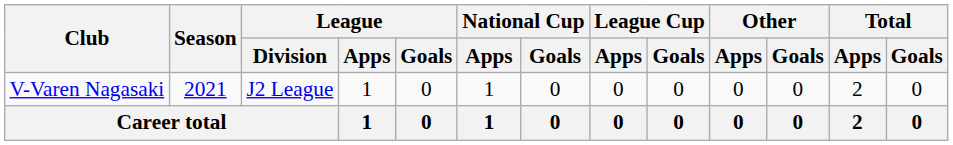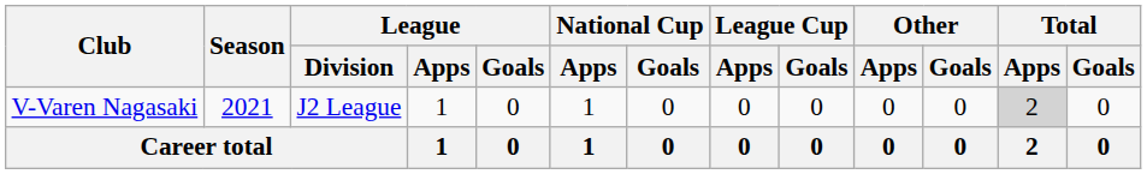 <table class="wikitable" style="text-align: center">
 <tr>
 <th rowspan="2">Club</th>
 <th rowspan="2">Season</th>
 <th colspan="3">League</th>
 <th colspan="2">National Cup</th>
 <th colspan="2">League Cup</th>
 <th colspan="2">Other</th>
 <th colspan="2">Total</th>
 </tr>
 <tr>
 <th>Division</th>
 <th>Apps</th>
 <th>Goals</th>
 <th>Apps</th>
 <th>Goals</th>
 <th>Apps</th>
 <th>Goals</th>
 <th>Apps</th>
 <th>Goals</th>
 <th>Apps</th>
 <th>Goals</th>
 </tr>
 <tr>
 <td><a href='#'>V-Varen Nagasaki</a></td>
 <td><a href='#'>2021</a></td>
 <td><a href='#'>J2 League</a></td>
 <td>1</td>
 <td>0</td>
 <td>1</td>
 <td>0</td>
 <td>0</td>
 <td>0</td>
 <td>0</td>
 <td>0</td>
-<td>2</td>
+<td style="background: lightgrey;">2</td>
 <td>0</td>
 </tr>
 <tr>
 <th colspan=3>Career total</th>
 <th>1</th>
 <th>0</th>
 <th>1</th>
 <th>0</th>
 <th>0</th>
 <th>0</th>
 <th>0</th>
 <th>0</th>
 <th>2</th>
 <th>0</th>
 </tr>
 </table>
